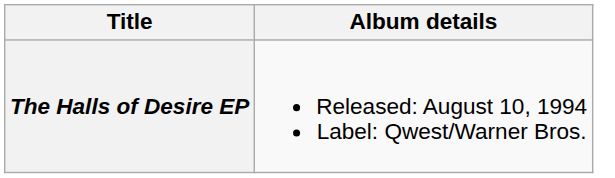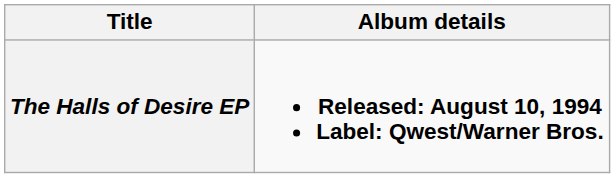 <table class="wikitable plainrowheaders" style="text-align:center;">
 <tr>
 <th scope="col" rowspan="1">Title</th>
 <th scope="col" rowspan="1">Album details</th>
 </tr>
 <tr>
 <th scope="row"><em>The Halls of Desire EP</em></th>
-<td><br><ul><li>Released: August 10, 1994</li><li>Label: Qwest/Warner Bros.</li></ul></td>
+<td><strong><br><ul><li>Released: August 10, 1994</li><li>Label: Qwest/Warner Bros.</li></ul></strong></td>
 </tr>
 </table>
